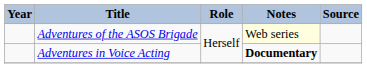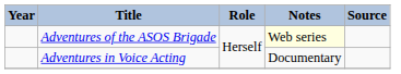 <table class="wikitable sortable plainrowheaders" style="width=95%"; font-size: 95%">
 <tr>
 <th scope="col" style="background:#b0c4de;">Year</th>
 <th scope="col" style="background:#b0c4de;">Title</th>
 <th scope="col" style="background:#b0c4de;">Role</th>
 <th scope="col" style="background:#b0c4de;">Notes</th>
 <th scope="col" style="background:#b0c4de;">Source</th>
 </tr>
 <tr>
 <td></td>
 <td><em><a href='#'>Adventures of the ASOS Brigade</a></em></td>
 <td rowspan="2">Herself</td>
 <td style="background: lightyellow;">Web series</td>
 <td></td>
 </tr>
 <tr>
 <td></td>
 <td><em><a href='#'>Adventures in Voice Acting</a></em></td>
-<td><strong>Documentary</strong></td>
+<td>Documentary</td>
 <td></td>
 </tr>
 <tr>
 </tr>
 </table>
